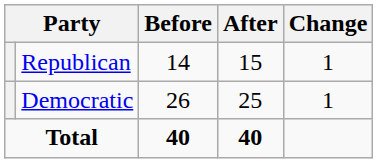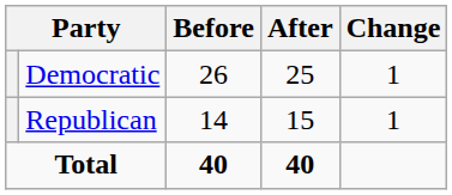 <table class="wikitable" style="text-align:center;">
 <tr>
 <th colspan="2">Party</th>
 <th>Before</th>
 <th>After</th>
 <th>Change</th>
 </tr>
 <tr>
 <th style="background-color:"></th>
-<td style="text-align:left;"><a href='#'>Republican</a></td>
-<td>14</td>
-<td>15</td>
+<td style="text-align:left;"><a href='#'>Democratic</a></td>
+<td>26</td>
+<td>25</td>
 <td> 1</td>
 </tr>
 <tr>
 <th style="background-color:"></th>
-<td style="text-align:left;"><a href='#'>Democratic</a></td>
-<td>26</td>
-<td>25</td>
+<td style="text-align:left;"><a href='#'>Republican</a></td>
+<td>14</td>
+<td>15</td>
 <td> 1</td>
 </tr>
 <tr>
 <td colspan="2"><strong>Total</strong></td>
 <td><strong>40</strong></td>
 <td><strong>40</strong></td>
 <td></td>
 </tr>
 </table>
